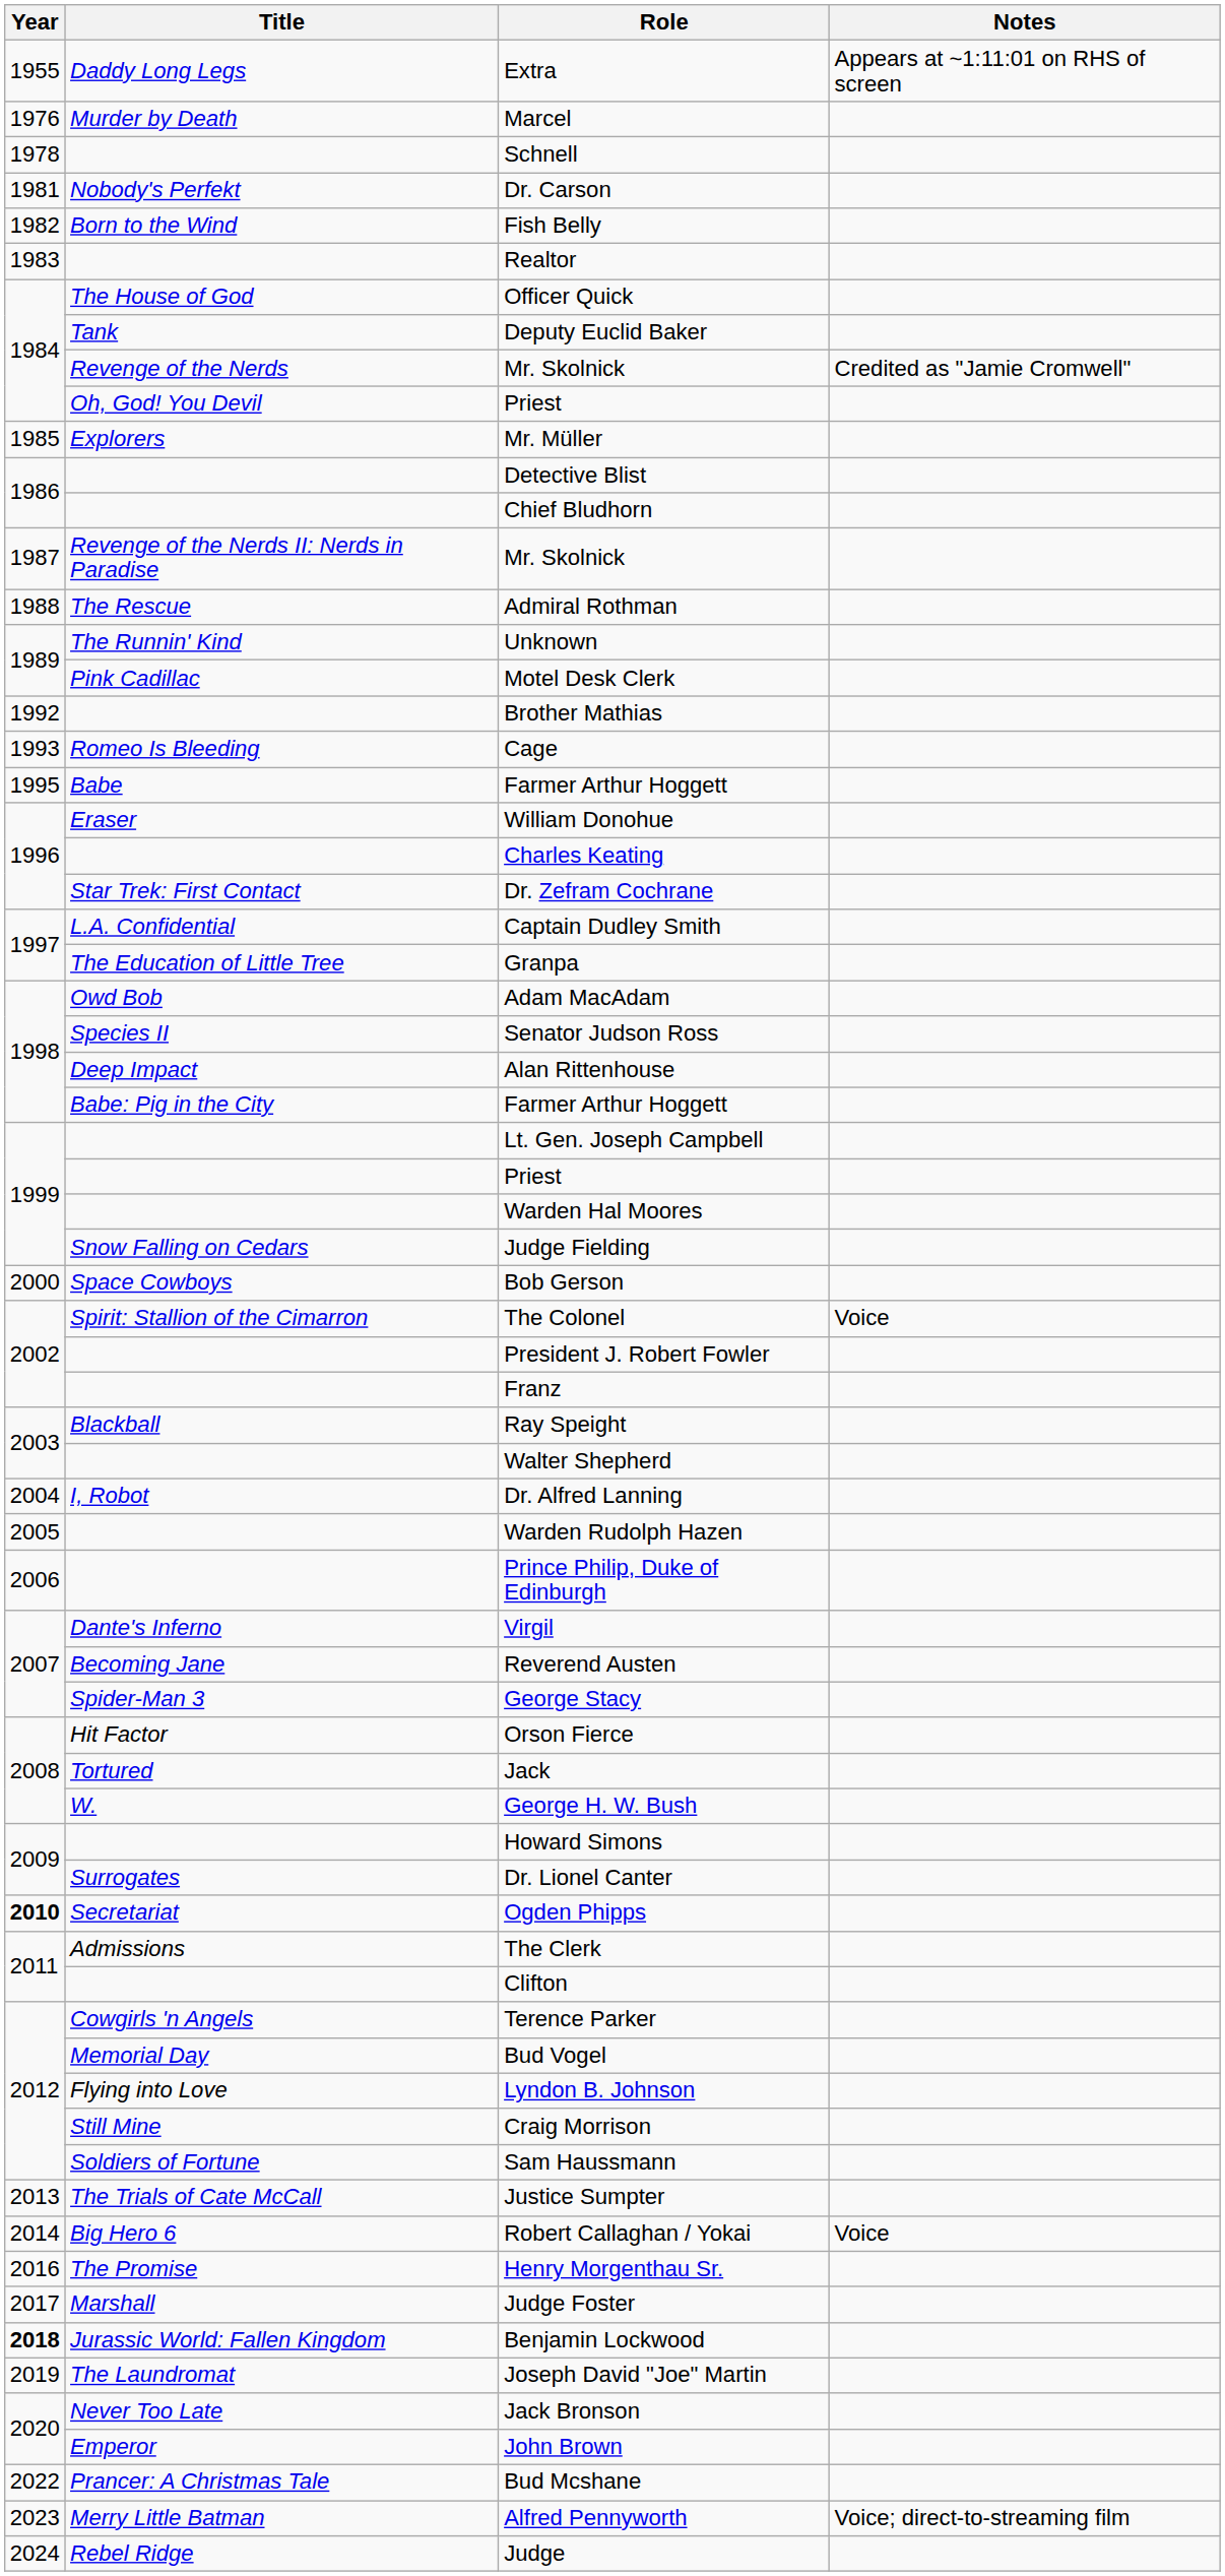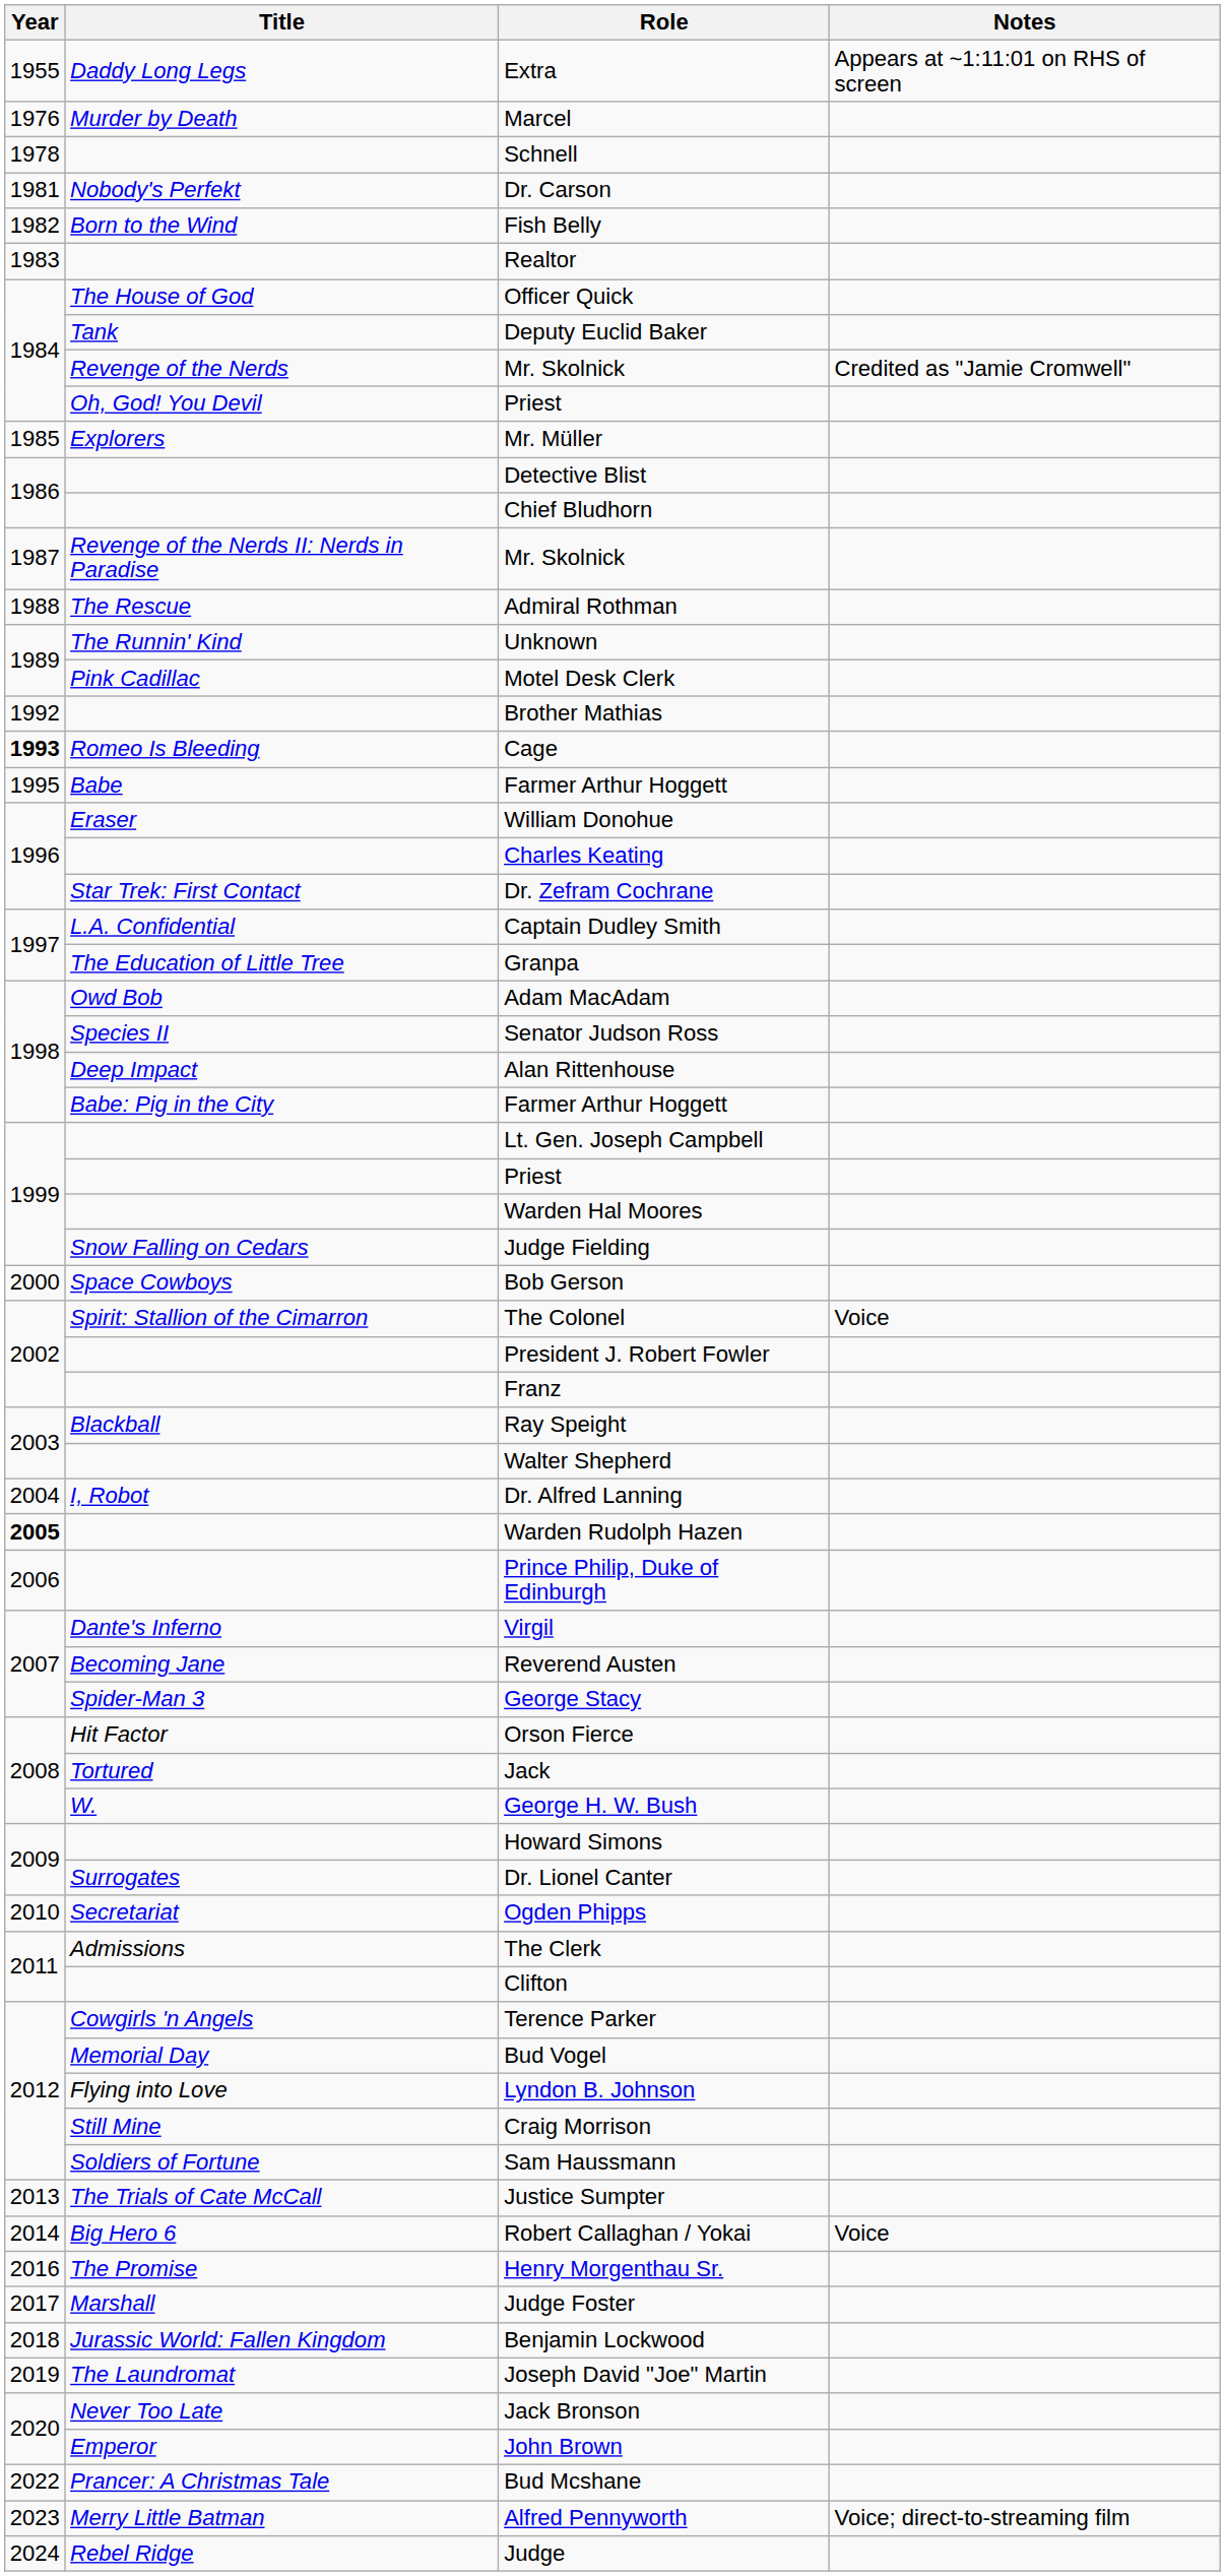 <table class="wikitable sortable">
 <tr>
 <th>Year</th>
 <th>Title</th>
 <th>Role</th>
 <th class="unsortable">Notes</th>
 </tr>
 <tr>
 <td>1955</td>
 <td><em><a href='#'>Daddy Long Legs</a></em></td>
 <td>Extra</td>
 <td>Appears at ~1:11:01 on RHS of screen</td>
 </tr>
 <tr>
 <td>1976</td>
 <td><em><a href='#'>Murder by Death</a></em></td>
 <td>Marcel</td>
 <td></td>
 </tr>
 <tr>
 <td>1978</td>
 <td><em></em></td>
 <td>Schnell</td>
 <td></td>
 </tr>
 <tr>
 <td>1981</td>
 <td><em><a href='#'>Nobody's Perfekt</a></em></td>
 <td>Dr. Carson</td>
 <td></td>
 </tr>
 <tr>
 <td>1982</td>
 <td><em><a href='#'>Born to the Wind</a></em></td>
 <td>Fish Belly</td>
 <td></td>
 </tr>
 <tr>
 <td>1983</td>
 <td><em></em></td>
 <td>Realtor</td>
 <td></td>
 </tr>
 <tr>
 <td rowspan="4">1984</td>
 <td><em><a href='#'>The House of God</a></em></td>
 <td>Officer Quick</td>
 <td></td>
 </tr>
 <tr>
 <td><em><a href='#'>Tank</a></em></td>
 <td>Deputy Euclid Baker</td>
 <td></td>
 </tr>
 <tr>
 <td><em><a href='#'>Revenge of the Nerds</a></em></td>
 <td>Mr. Skolnick</td>
 <td>Credited as "Jamie Cromwell"</td>
 </tr>
 <tr>
 <td><em><a href='#'>Oh, God! You Devil</a></em></td>
 <td>Priest</td>
 <td></td>
 </tr>
 <tr>
 <td>1985</td>
 <td><em><a href='#'>Explorers</a></em></td>
 <td>Mr. Müller</td>
 <td></td>
 </tr>
 <tr>
 <td rowspan="2">1986</td>
 <td><em></em></td>
 <td>Detective Blist</td>
 <td></td>
 </tr>
 <tr>
 <td><em></em></td>
 <td>Chief Bludhorn</td>
 <td></td>
 </tr>
 <tr>
 <td>1987</td>
 <td><em><a href='#'>Revenge of the Nerds II: Nerds in Paradise</a></em></td>
 <td>Mr. Skolnick</td>
 <td></td>
 </tr>
 <tr>
 <td>1988</td>
 <td><em><a href='#'>The Rescue</a></em></td>
 <td>Admiral Rothman</td>
 <td></td>
 </tr>
 <tr>
 <td rowspan="2">1989</td>
 <td><em><a href='#'>The Runnin' Kind</a></em></td>
 <td>Unknown</td>
 <td></td>
 </tr>
 <tr>
 <td><em><a href='#'>Pink Cadillac</a></em></td>
 <td>Motel Desk Clerk</td>
 <td></td>
 </tr>
 <tr>
 <td>1992</td>
 <td><em></em></td>
 <td>Brother Mathias</td>
 <td></td>
 </tr>
 <tr>
-<td>1993</td>
+<td><strong>1993</strong></td>
 <td><em><a href='#'>Romeo Is Bleeding</a></em></td>
 <td>Cage</td>
 <td></td>
 </tr>
 <tr>
 <td>1995</td>
 <td><em><a href='#'>Babe</a></em></td>
 <td>Farmer Arthur Hoggett</td>
 <td></td>
 </tr>
 <tr>
 <td rowspan="3">1996</td>
 <td><em><a href='#'>Eraser</a></em></td>
 <td>William Donohue</td>
 <td></td>
 </tr>
 <tr>
 <td><em></em></td>
 <td><a href='#'>Charles Keating</a></td>
 <td></td>
 </tr>
 <tr>
 <td><em><a href='#'>Star Trek: First Contact</a></em></td>
 <td>Dr. <a href='#'>Zefram Cochrane</a></td>
 <td></td>
 </tr>
 <tr>
 <td rowspan="2">1997</td>
 <td><em><a href='#'>L.A. Confidential</a></em></td>
 <td>Captain Dudley Smith</td>
 <td></td>
 </tr>
 <tr>
 <td><em><a href='#'>The Education of Little Tree</a></em></td>
 <td>Granpa</td>
 <td></td>
 </tr>
 <tr>
 <td rowspan="4">1998</td>
 <td><em><a href='#'>Owd Bob</a></em></td>
 <td>Adam MacAdam</td>
 <td></td>
 </tr>
 <tr>
 <td><em><a href='#'>Species II</a></em></td>
 <td>Senator Judson Ross</td>
 <td></td>
 </tr>
 <tr>
 <td><em><a href='#'>Deep Impact</a></em></td>
 <td>Alan Rittenhouse</td>
 <td></td>
 </tr>
 <tr>
 <td><em><a href='#'>Babe: Pig in the City</a></em></td>
 <td>Farmer Arthur Hoggett</td>
 <td></td>
 </tr>
 <tr>
 <td rowspan="4">1999</td>
 <td><em></em></td>
 <td>Lt. Gen. Joseph Campbell</td>
 <td></td>
 </tr>
 <tr>
 <td><em></em></td>
 <td>Priest</td>
 <td></td>
 </tr>
 <tr>
 <td><em></em></td>
 <td>Warden Hal Moores</td>
 <td></td>
 </tr>
 <tr>
 <td><em><a href='#'>Snow Falling on Cedars</a></em></td>
 <td>Judge Fielding</td>
 <td></td>
 </tr>
 <tr>
 <td>2000</td>
 <td><em><a href='#'>Space Cowboys</a></em></td>
 <td>Bob Gerson</td>
 <td></td>
 </tr>
 <tr>
 <td rowspan="3">2002</td>
 <td><em><a href='#'>Spirit: Stallion of the Cimarron</a></em></td>
 <td>The Colonel</td>
 <td>Voice</td>
 </tr>
 <tr>
 <td><em></em></td>
 <td>President J. Robert Fowler</td>
 <td></td>
 </tr>
 <tr>
 <td><em></em></td>
 <td>Franz</td>
 <td></td>
 </tr>
 <tr>
 <td rowspan="2">2003</td>
 <td><em><a href='#'>Blackball</a></em></td>
 <td>Ray Speight</td>
 <td></td>
 </tr>
 <tr>
 <td><em></em></td>
 <td>Walter Shepherd</td>
 <td></td>
 </tr>
 <tr>
 <td>2004</td>
 <td><em><a href='#'>I, Robot</a></em></td>
 <td>Dr. Alfred Lanning</td>
 <td></td>
 </tr>
 <tr>
-<td>2005</td>
+<td><strong>2005</strong></td>
 <td><em></em></td>
 <td>Warden Rudolph Hazen</td>
 <td></td>
 </tr>
 <tr>
 <td>2006</td>
 <td><em></em></td>
 <td><a href='#'>Prince Philip, Duke of Edinburgh</a></td>
 <td></td>
 </tr>
 <tr>
 <td rowspan="3">2007</td>
 <td><em><a href='#'>Dante's Inferno</a></em></td>
 <td><a href='#'>Virgil</a></td>
 <td></td>
 </tr>
 <tr>
 <td><em><a href='#'>Becoming Jane</a></em></td>
 <td>Reverend Austen</td>
 <td></td>
 </tr>
 <tr>
 <td><em><a href='#'>Spider-Man 3</a></em></td>
 <td><a href='#'>George Stacy</a></td>
 <td></td>
 </tr>
 <tr>
 <td rowspan="3">2008</td>
 <td><em>Hit Factor</em></td>
 <td>Orson Fierce</td>
 <td></td>
 </tr>
 <tr>
 <td><em><a href='#'>Tortured</a></em></td>
 <td>Jack</td>
 <td></td>
 </tr>
 <tr>
 <td><em><a href='#'>W.</a></em></td>
 <td><a href='#'>George H. W. Bush</a></td>
 <td></td>
 </tr>
 <tr>
 <td rowspan="2">2009</td>
 <td><em></em></td>
 <td>Howard Simons</td>
 <td></td>
 </tr>
 <tr>
 <td><em><a href='#'>Surrogates</a></em></td>
 <td>Dr. Lionel Canter</td>
 <td></td>
 </tr>
 <tr>
-<td><strong>2010</strong></td>
+<td>2010</td>
 <td><em><a href='#'>Secretariat</a></em></td>
 <td><a href='#'>Ogden Phipps</a></td>
 <td></td>
 </tr>
 <tr>
 <td rowspan="2">2011</td>
 <td><em>Admissions</em></td>
 <td>The Clerk</td>
 <td></td>
 </tr>
 <tr>
 <td><em></em></td>
 <td>Clifton</td>
 <td></td>
 </tr>
 <tr>
 <td rowspan="5">2012</td>
 <td><em><a href='#'>Cowgirls 'n Angels</a></em></td>
 <td>Terence Parker</td>
 <td></td>
 </tr>
 <tr>
 <td><em><a href='#'>Memorial Day</a></em></td>
 <td>Bud Vogel</td>
 <td></td>
 </tr>
 <tr>
 <td><em>Flying into Love</em></td>
 <td><a href='#'>Lyndon B. Johnson</a></td>
 <td></td>
 </tr>
 <tr>
 <td><em><a href='#'>Still Mine</a></em></td>
 <td>Craig Morrison</td>
 <td></td>
 </tr>
 <tr>
 <td><em><a href='#'>Soldiers of Fortune</a></em></td>
 <td>Sam Haussmann</td>
 <td></td>
 </tr>
 <tr>
 <td>2013</td>
 <td><em><a href='#'>The Trials of Cate McCall</a></em></td>
 <td>Justice Sumpter</td>
 <td></td>
 </tr>
 <tr>
 <td>2014</td>
 <td><em><a href='#'>Big Hero 6</a></em></td>
 <td>Robert Callaghan / Yokai</td>
 <td>Voice</td>
 </tr>
 <tr>
 <td>2016</td>
 <td><em><a href='#'>The Promise</a></em></td>
 <td><a href='#'>Henry Morgenthau Sr.</a></td>
 <td></td>
 </tr>
 <tr>
 <td>2017</td>
 <td><em><a href='#'>Marshall</a></em></td>
 <td>Judge Foster</td>
 <td></td>
 </tr>
 <tr>
-<td><strong>2018</strong></td>
+<td>2018</td>
 <td><em><a href='#'>Jurassic World: Fallen Kingdom</a></em></td>
 <td>Benjamin Lockwood</td>
 <td></td>
 </tr>
 <tr>
 <td>2019</td>
 <td><em><a href='#'>The Laundromat</a></em></td>
 <td>Joseph David "Joe" Martin</td>
 <td></td>
 </tr>
 <tr>
 <td rowspan="2">2020</td>
 <td><em><a href='#'>Never Too Late</a></em></td>
 <td>Jack Bronson</td>
 <td></td>
 </tr>
 <tr>
 <td><em><a href='#'>Emperor</a></em></td>
 <td><a href='#'>John Brown</a></td>
 <td></td>
 </tr>
 <tr>
 <td>2022</td>
 <td><em><a href='#'>Prancer: A Christmas Tale</a></em></td>
 <td>Bud Mcshane</td>
 <td></td>
 </tr>
 <tr>
 <td>2023</td>
 <td><em><a href='#'>Merry Little Batman</a></em></td>
 <td><a href='#'>Alfred Pennyworth</a></td>
 <td>Voice; direct-to-streaming film</td>
 </tr>
 <tr>
 <td>2024</td>
 <td><em><a href='#'>Rebel Ridge</a></em></td>
 <td>Judge</td>
 <td></td>
 </tr>
 </table>
